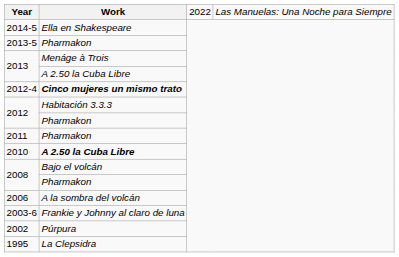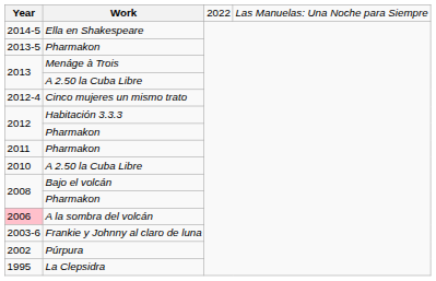 <table class="wikitable">
 <tr>
 <th>Year</th>
 <th>Work</th>
 <td>2022</td>
 <td><em>Las Manuelas: Una Noche para Siempre</em></td>
 </tr>
 <tr>
 <td>2014-5</td>
 <td><em>Ella en Shakespeare</em></td>
 </tr>
 <tr>
 <td>2013-5</td>
 <td><em>Pharmakon</em></td>
 </tr>
 <tr>
 <td rowspan="2">2013</td>
 <td><em>Menáge à Trois</em></td>
 </tr>
 <tr>
 <td><em>A 2.50 la Cuba Libre</em></td>
 </tr>
 <tr>
 <td>2012-4</td>
-<td><strong><em>Cinco mujeres un mismo trato</em></strong></td>
+<td><em>Cinco mujeres un mismo trato</em></td>
 </tr>
 <tr>
 <td rowspan="2">2012</td>
 <td><em>Habitación 3.3.3</em></td>
 </tr>
 <tr>
 <td><em>Pharmakon</em></td>
 </tr>
 <tr>
 <td>2011</td>
 <td><em>Pharmakon</em></td>
 </tr>
 <tr>
 <td>2010</td>
-<td><strong><em>A 2.50 la Cuba Libre</em></strong></td>
+<td><em>A 2.50 la Cuba Libre</em></td>
 </tr>
 <tr>
 <td rowspan="2">2008</td>
 <td><em>Bajo el volcán</em></td>
 </tr>
 <tr>
 <td><em>Pharmakon</em></td>
 </tr>
 <tr>
-<td>2006</td>
+<td style="background: pink;">2006</td>
 <td><em>A la sombra del volcán</em></td>
 </tr>
 <tr>
 <td>2003-6</td>
 <td><em>Frankie y Johnny al claro de luna</em></td>
 </tr>
 <tr>
 <td>2002</td>
 <td><em>Púrpura</em></td>
 </tr>
 <tr>
 <td>1995</td>
 <td><em>La Clepsidra</em></td>
 </tr>
 </table>
